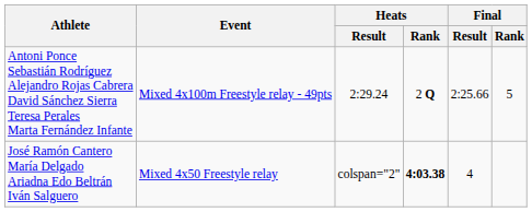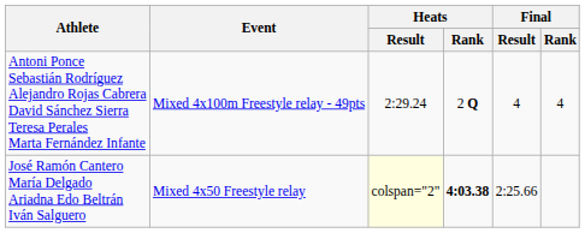 <table class=wikitable style="font-size:90%">
 <tr>
 <th rowspan="2">Athlete</th>
 <th rowspan="2">Event</th>
 <th colspan="2">Heats</th>
 <th colspan="2">Final</th>
 </tr>
 <tr>
 <th>Result</th>
 <th>Rank</th>
 <th>Result</th>
 <th>Rank</th>
 </tr>
 <tr align=center>
 <td align=left><a href='#'>Antoni Ponce</a><br><a href='#'>Sebastián Rodríguez</a><br><a href='#'>Alejandro Rojas Cabrera</a><br><a href='#'>David Sánchez Sierra</a><br><a href='#'>Teresa Perales</a><br><a href='#'>Marta Fernández Infante</a></td>
 <td align=left><a href='#'>Mixed 4x100m Freestyle relay - 49pts</a></td>
 <td>2:29.24</td>
 <td>2 <strong>Q</strong></td>
-<td>2:25.66</td>
-<td>5</td>
+<td>4</td>
+<td>4</td>
 </tr>
 <tr align=center>
 <td align=left><a href='#'>José Ramón Cantero</a><br><a href='#'>María Delgado</a><br><a href='#'>Ariadna Edo Beltrán</a><br><a href='#'>Iván Salguero</a></td>
 <td align=left><a href='#'>Mixed 4x50 Freestyle relay</a></td>
-<td>colspan="2" </td>
+<td style="background: lightyellow;">colspan="2" </td>
 <td><strong>4:03.38</strong></td>
-<td>4</td>
+<td>2:25.66</td>
 </tr>
 </table>
